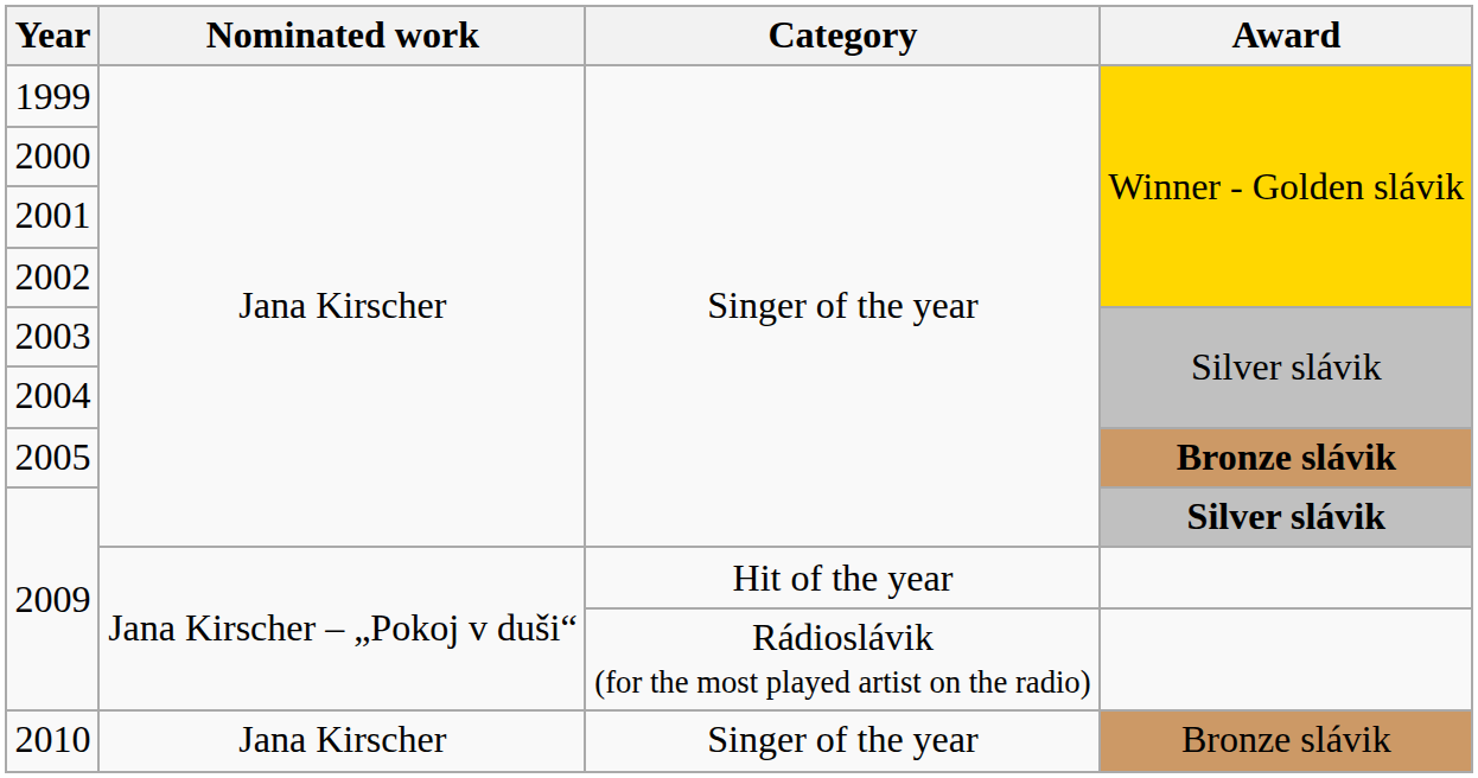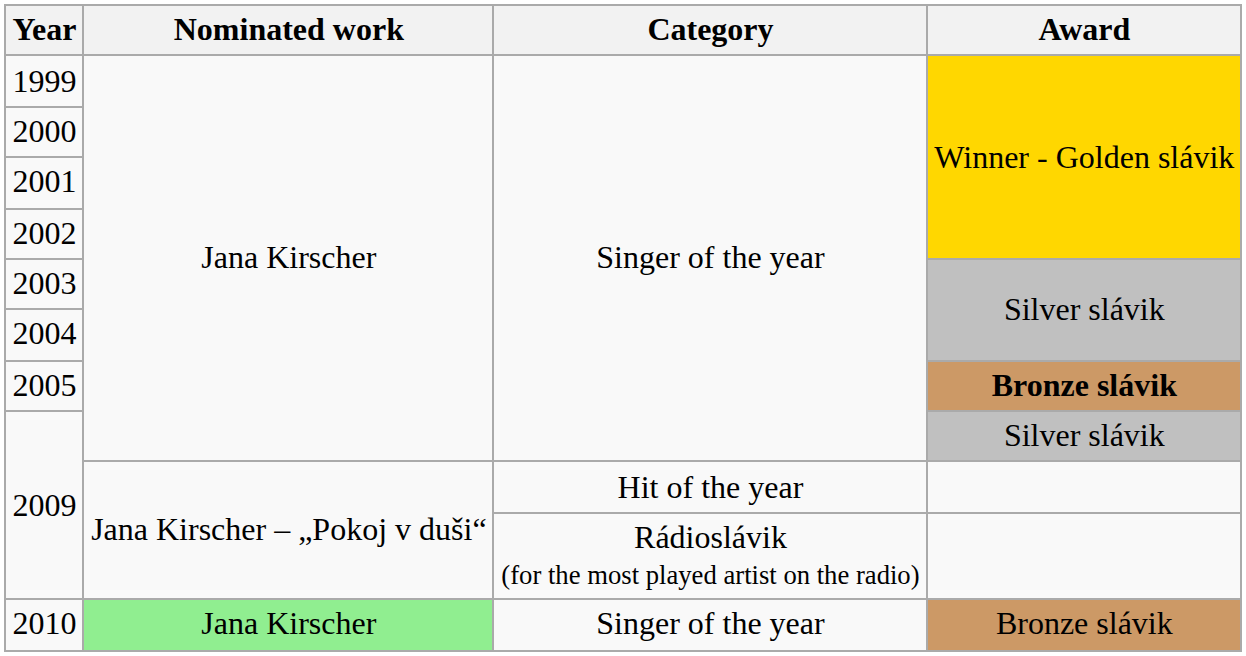 <table class="wikitable" style="text-align:center;">
 <tr>
 <th>Year</th>
 <th>Nominated work</th>
 <th>Category</th>
 <th>Award</th>
 </tr>
 <tr>
 <td>1999</td>
 <td rowspan="8">Jana Kirscher</td>
 <td rowspan="8">Singer of the year</td>
 <td rowspan="4" bgcolor="gold">Winner - Golden slávik</td>
 </tr>
 <tr>
 <td>2000</td>
 </tr>
 <tr>
 <td>2001</td>
 </tr>
 <tr>
 <td>2002</td>
 </tr>
 <tr>
 <td>2003</td>
 <td rowspan="2" bgcolor="silver">Silver slávik</td>
 </tr>
 <tr>
 <td>2004</td>
 </tr>
 <tr>
 <td>2005</td>
 <td bgcolor="cc9966"><strong>Bronze slávik</strong></td>
 </tr>
 <tr>
 <td rowspan="3">2009</td>
-<td bgcolor="silver"><strong>Silver slávik</strong></td>
+<td bgcolor="silver">Silver slávik</td>
 </tr>
 <tr>
 <td rowspan="2">Jana Kirscher – „Pokoj v duši“</td>
 <td>Hit of the year</td>
 <td></td>
 </tr>
 <tr>
 <td>Rádioslávik <br><small>(for the most played artist on the radio)</small></td>
 <td></td>
 </tr>
 <tr>
 <td>2010</td>
-<td>Jana Kirscher</td>
+<td style="background: lightgreen;">Jana Kirscher</td>
 <td>Singer of the year</td>
 <td bgcolor="cc9966">Bronze slávik</td>
 </tr>
 </table>
